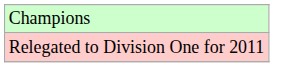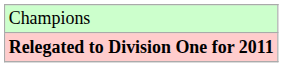 <table class="wikitable">
 <tr>
 </tr>
 <tr width=10px bgcolor="#ccffcc">
 <td>Champions</td>
 </tr>
 <tr width=10px bgcolor="#ffcccc">
-<td>Relegated to Division One for 2011</td>
+<td><strong>Relegated to Division One for 2011</strong></td>
 </tr>
 <tr>
 </tr>
 </table>
